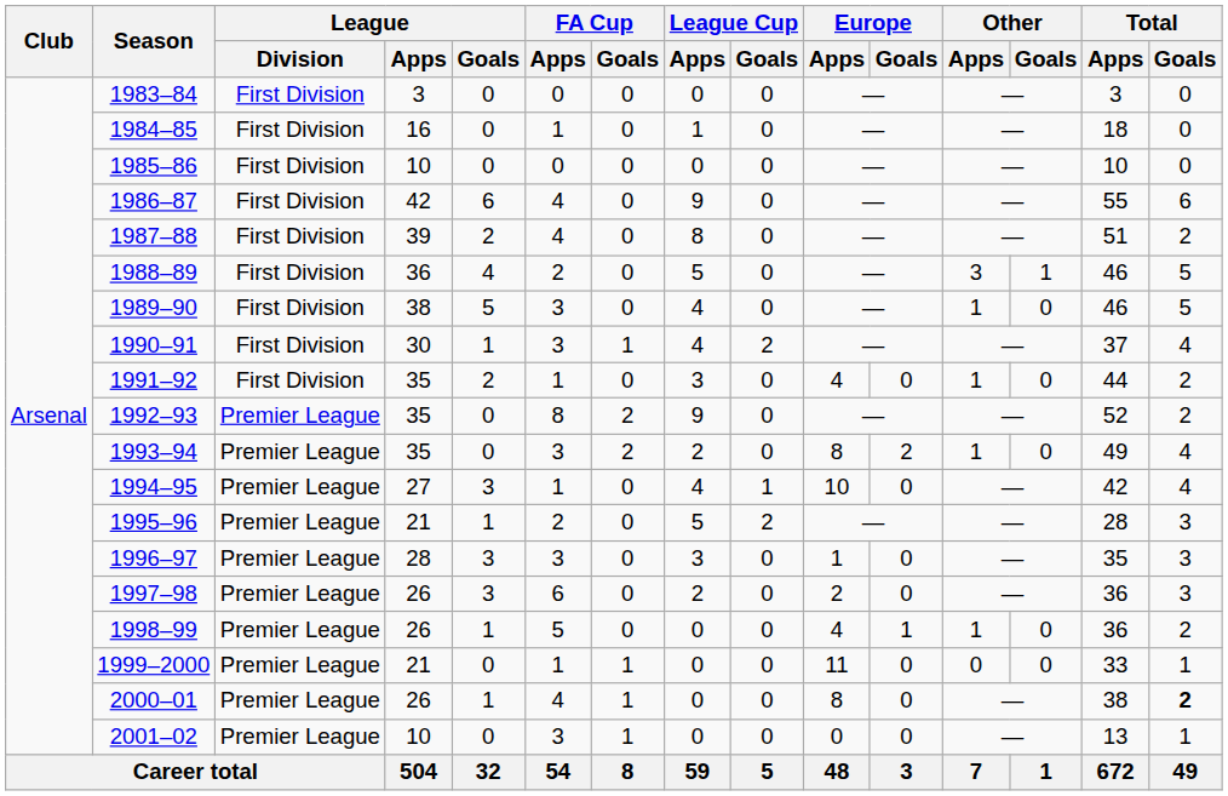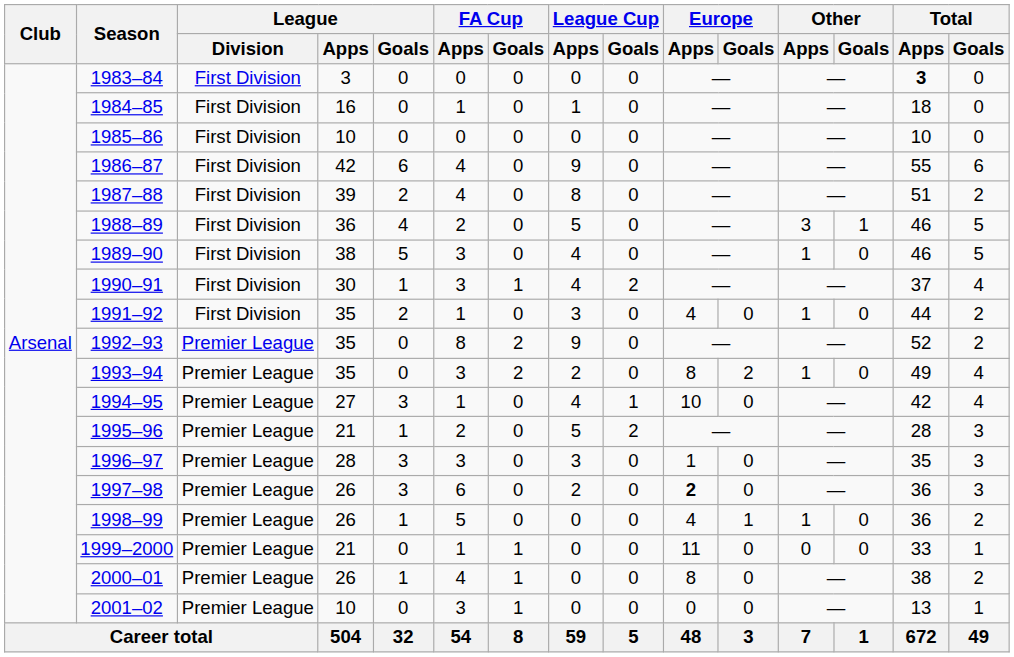 <table class="wikitable" style="text-align:center">
 <tr>
 <th rowspan="2" scope="col">Club</th>
 <th rowspan="2" scope="col">Season</th>
 <th colspan="3" scope="colgroup">League</th>
 <th colspan="2" scope="colgroup"><a href='#'>FA Cup</a></th>
 <th colspan="2" scope="colgroup"><a href='#'>League Cup</a></th>
 <th colspan="2" scope="colgroup"><a href='#'>Europe</a></th>
 <th colspan="2" scope="colgroup">Other</th>
 <th colspan="2" scope="colgroup">Total</th>
 </tr>
 <tr>
 <th scope="col">Division</th>
 <th scope="col">Apps</th>
 <th scope="col">Goals</th>
 <th scope="col">Apps</th>
 <th scope="col">Goals</th>
 <th scope="col">Apps</th>
 <th scope="col">Goals</th>
 <th scope="col">Apps</th>
 <th scope="col">Goals</th>
 <th scope="col">Apps</th>
 <th scope="col">Goals</th>
 <th scope="col">Apps</th>
 <th scope="col">Goals</th>
 </tr>
 <tr>
 <td rowspan="19" scope="rowgroup"><a href='#'>Arsenal</a></td>
 <td scope="row"><a href='#'>1983–84</a></td>
 <td><a href='#'>First Division</a></td>
 <td>3</td>
 <td>0</td>
 <td>0</td>
 <td>0</td>
 <td>0</td>
 <td>0</td>
 <td colspan="2">—</td>
 <td colspan="2">—</td>
-<td>3</td>
+<td><strong>3</strong></td>
 <td>0</td>
 </tr>
 <tr>
 <td scope="row"><a href='#'>1984–85</a></td>
 <td>First Division</td>
 <td>16</td>
 <td>0</td>
 <td>1</td>
 <td>0</td>
 <td>1</td>
 <td>0</td>
 <td colspan="2">—</td>
 <td colspan="2">—</td>
 <td>18</td>
 <td>0</td>
 </tr>
 <tr>
 <td scope="row"><a href='#'>1985–86</a></td>
 <td>First Division</td>
 <td>10</td>
 <td>0</td>
 <td>0</td>
 <td>0</td>
 <td>0</td>
 <td>0</td>
 <td colspan="2">—</td>
 <td colspan="2">—</td>
 <td>10</td>
 <td>0</td>
 </tr>
 <tr>
 <td scope="row"><a href='#'>1986–87</a></td>
 <td>First Division</td>
 <td>42</td>
 <td>6</td>
 <td>4</td>
 <td>0</td>
 <td>9</td>
 <td>0</td>
 <td colspan="2">—</td>
 <td colspan="2">—</td>
 <td>55</td>
 <td>6</td>
 </tr>
 <tr>
 <td scope="row"><a href='#'>1987–88</a></td>
 <td>First Division</td>
 <td>39</td>
 <td>2</td>
 <td>4</td>
 <td>0</td>
 <td>8</td>
 <td>0</td>
 <td colspan="2">—</td>
 <td colspan="2">—</td>
 <td>51</td>
 <td>2</td>
 </tr>
 <tr>
 <td scope="row"><a href='#'>1988–89</a></td>
 <td>First Division</td>
 <td>36</td>
 <td>4</td>
 <td>2</td>
 <td>0</td>
 <td>5</td>
 <td>0</td>
 <td colspan="2">—</td>
 <td>3</td>
 <td>1</td>
 <td>46</td>
 <td>5</td>
 </tr>
 <tr>
 <td scope="row"><a href='#'>1989–90</a></td>
 <td>First Division</td>
 <td>38</td>
 <td>5</td>
 <td>3</td>
 <td>0</td>
 <td>4</td>
 <td>0</td>
 <td colspan="2">—</td>
 <td>1</td>
 <td>0</td>
 <td>46</td>
 <td>5</td>
 </tr>
 <tr>
 <td scope="row"><a href='#'>1990–91</a></td>
 <td>First Division</td>
 <td>30</td>
 <td>1</td>
 <td>3</td>
 <td>1</td>
 <td>4</td>
 <td>2</td>
 <td colspan="2">—</td>
 <td colspan="2">—</td>
 <td>37</td>
 <td>4</td>
 </tr>
 <tr>
 <td scope="row"><a href='#'>1991–92</a></td>
 <td>First Division</td>
 <td>35</td>
 <td>2</td>
 <td>1</td>
 <td>0</td>
 <td>3</td>
 <td>0</td>
 <td>4</td>
 <td>0</td>
 <td>1</td>
 <td>0</td>
 <td>44</td>
 <td>2</td>
 </tr>
 <tr>
 <td scope="row"><a href='#'>1992–93</a></td>
 <td><a href='#'>Premier League</a></td>
 <td>35</td>
 <td>0</td>
 <td>8</td>
 <td>2</td>
 <td>9</td>
 <td>0</td>
 <td colspan="2">—</td>
 <td colspan="2">—</td>
 <td>52</td>
 <td>2</td>
 </tr>
 <tr>
 <td scope="row"><a href='#'>1993–94</a></td>
 <td>Premier League</td>
 <td>35</td>
 <td>0</td>
 <td>3</td>
 <td>2</td>
 <td>2</td>
 <td>0</td>
 <td>8</td>
 <td>2</td>
 <td>1</td>
 <td>0</td>
 <td>49</td>
 <td>4</td>
 </tr>
 <tr>
 <td scope="row"><a href='#'>1994–95</a></td>
 <td>Premier League</td>
 <td>27</td>
 <td>3</td>
 <td>1</td>
 <td>0</td>
 <td>4</td>
 <td>1</td>
 <td>10</td>
 <td>0</td>
 <td colspan="2">—</td>
 <td>42</td>
 <td>4</td>
 </tr>
 <tr>
 <td scope="row"><a href='#'>1995–96</a></td>
 <td>Premier League</td>
 <td>21</td>
 <td>1</td>
 <td>2</td>
 <td>0</td>
 <td>5</td>
 <td>2</td>
 <td colspan="2">—</td>
 <td colspan="2">—</td>
 <td>28</td>
 <td>3</td>
 </tr>
 <tr>
 <td scope="row"><a href='#'>1996–97</a></td>
 <td>Premier League</td>
 <td>28</td>
 <td>3</td>
 <td>3</td>
 <td>0</td>
 <td>3</td>
 <td>0</td>
 <td>1</td>
 <td>0</td>
 <td colspan="2">—</td>
 <td>35</td>
 <td>3</td>
 </tr>
 <tr>
 <td scope="row"><a href='#'>1997–98</a></td>
 <td>Premier League</td>
 <td>26</td>
 <td>3</td>
 <td>6</td>
 <td>0</td>
 <td>2</td>
 <td>0</td>
-<td>2</td>
+<td><strong>2</strong></td>
 <td>0</td>
 <td colspan="2">—</td>
 <td>36</td>
 <td>3</td>
 </tr>
 <tr>
 <td scope="row"><a href='#'>1998–99</a></td>
 <td>Premier League</td>
 <td>26</td>
 <td>1</td>
 <td>5</td>
 <td>0</td>
 <td>0</td>
 <td>0</td>
 <td>4</td>
 <td>1</td>
 <td>1</td>
 <td>0</td>
 <td>36</td>
 <td>2</td>
 </tr>
 <tr>
 <td scope="row"><a href='#'>1999–2000</a></td>
 <td>Premier League</td>
 <td>21</td>
 <td>0</td>
 <td>1</td>
 <td>1</td>
 <td>0</td>
 <td>0</td>
 <td>11</td>
 <td>0</td>
 <td>0</td>
 <td>0</td>
 <td>33</td>
 <td>1</td>
 </tr>
 <tr>
 <td scope="row"><a href='#'>2000–01</a></td>
 <td>Premier League</td>
 <td>26</td>
 <td>1</td>
 <td>4</td>
 <td>1</td>
 <td>0</td>
 <td>0</td>
 <td>8</td>
 <td>0</td>
 <td colspan="2">—</td>
 <td>38</td>
-<td><strong>2</strong></td>
+<td>2</td>
 </tr>
 <tr>
 <td scope="row"><a href='#'>2001–02</a></td>
 <td>Premier League</td>
 <td>10</td>
 <td>0</td>
 <td>3</td>
 <td>1</td>
 <td>0</td>
 <td>0</td>
 <td>0</td>
 <td>0</td>
 <td colspan="2">—</td>
 <td>13</td>
 <td>1</td>
 </tr>
 <tr>
 <th colspan="3" scope="row">Career total</th>
 <th>504</th>
 <th>32</th>
 <th>54</th>
 <th>8</th>
 <th>59</th>
 <th>5</th>
 <th>48</th>
 <th>3</th>
 <th>7</th>
 <th>1</th>
 <th>672</th>
 <th>49</th>
 </tr>
 </table>
